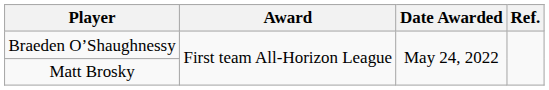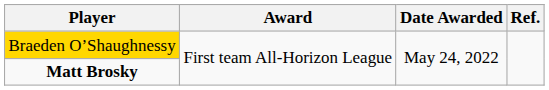 <table class="wikitable sortable sortable" style="text-align: center">
 <tr align=center>
 <th>Player</th>
 <th>Award</th>
 <th>Date Awarded</th>
 <th>Ref.</th>
 </tr>
 <tr>
-<td>Braeden O’Shaughnessy</td>
+<td style="background: gold;">Braeden O’Shaughnessy</td>
 <td rowspan="2">First team All-Horizon League</td>
 <td rowspan="7">May 24, 2022</td>
 <td rowspan="7"></td>
 </tr>
 <tr>
-<td>Matt Brosky</td>
+<td><strong>Matt Brosky</strong></td>
 </tr>
 </table>
